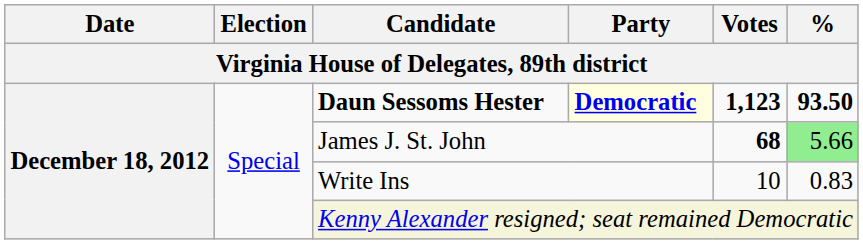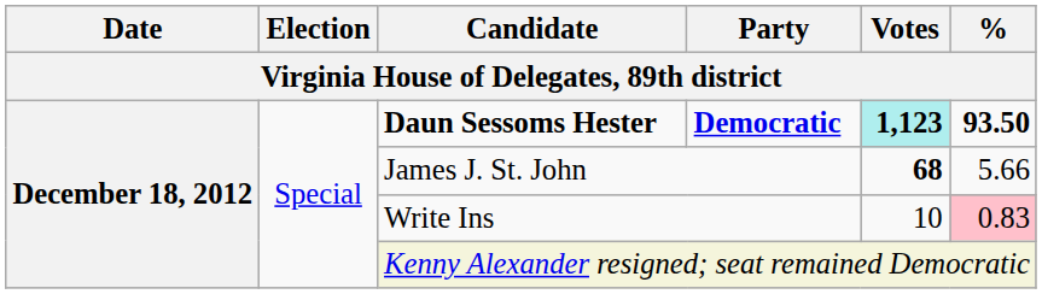 <table class="wikitable">
 <tr>
 <th>Date</th>
 <th>Election</th>
 <th>Candidate</th>
 <th>Party</th>
 <th>Votes</th>
 <th>%</th>
 </tr>
 <tr>
 <th colspan="6">Virginia House of Delegates, 89th district</th>
 </tr>
 <tr>
 <th rowspan="4">December 18, 2012</th>
 <td rowspan="4" align="center"><a href='#'>Special</a></td>
 <td><strong>Daun Sessoms Hester</strong></td>
-<td style="background: lightyellow;"><strong><a href='#'>Democratic</a></strong></td>
-<td align="right"><strong>1,123</strong></td>
+<td><strong><a href='#'>Democratic</a></strong></td>
+<td align="right" style="background: paleturquoise;"><strong>1,123</strong></td>
 <td align="right"><strong>93.50</strong></td>
 </tr>
 <tr>
 <td colspan="2">James J. St. John</td>
 <td align="right"><strong>68</strong></td>
-<td align="right" style="background: lightgreen;">5.66</td>
+<td align="right">5.66</td>
 </tr>
 <tr>
 <td colspan="2">Write Ins</td>
 <td align="right">10</td>
-<td align="right">0.83</td>
+<td align="right" style="background: pink;">0.83</td>
 </tr>
 <tr>
 <td colspan="4" style="background:Beige"><em><a href='#'>Kenny Alexander</a> resigned; seat remained Democratic</em></td>
 </tr>
 </table>
